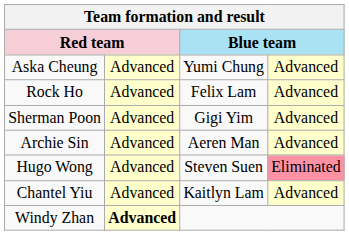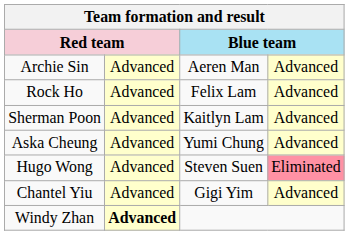 <table class="wikitable unsortable plainrowheaders" style="text-align:center; line-height:18px;">
 <tr>
 <th scope="col" colspan="4">Team formation and result</th>
 </tr>
 <tr>
 <th scope="col" colspan="2" style="background:#F6CED8;">Red team</th>
 <th scope="col" colspan="2" style="background:#A9E2F3;">Blue team</th>
 </tr>
 <tr>
-<td>Aska Cheung</td>
+<td>Archie Sin</td>
 <td style="background:#FFFFCC;">Advanced</td>
-<td>Yumi Chung</td>
+<td>Aeren Man</td>
 <td style="background:#FFFFCC;">Advanced</td>
 </tr>
 <tr>
 <td>Rock Ho</td>
 <td style="background:#FFFFCC;">Advanced</td>
 <td>Felix Lam</td>
 <td style="background:#FFFFCC;">Advanced</td>
 </tr>
 <tr>
 <td>Sherman Poon</td>
 <td style="background:#FFFFCC;">Advanced</td>
-<td>Gigi Yim</td>
+<td>Kaitlyn Lam</td>
 <td style="background:#FFFFCC;">Advanced</td>
 </tr>
 <tr>
-<td>Archie Sin</td>
+<td>Aska Cheung</td>
 <td style="background:#FFFFCC;">Advanced</td>
-<td>Aeren Man</td>
+<td>Yumi Chung</td>
 <td style="background:#FFFFCC;">Advanced</td>
 </tr>
 <tr>
 <td>Hugo Wong</td>
 <td style="background:#FFFFCC;">Advanced</td>
 <td>Steven Suen</td>
 <td style="background:#FF91A4;">Eliminated</td>
 </tr>
 <tr>
 <td>Chantel Yiu</td>
 <td style="background:#FFFFCC;">Advanced</td>
-<td>Kaitlyn Lam</td>
+<td>Gigi Yim</td>
 <td style="background:#FFFFCC;">Advanced</td>
 </tr>
 <tr>
 <td>Windy Zhan</td>
 <td style="background:#FFFFCC;"><strong>Advanced</strong></td>
 <td colspan="2"></td>
 </tr>
 </table>
